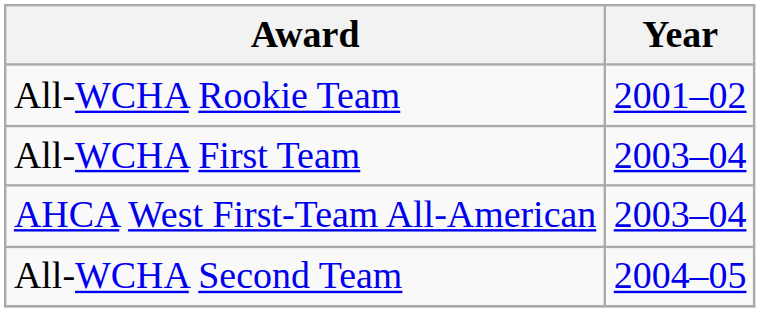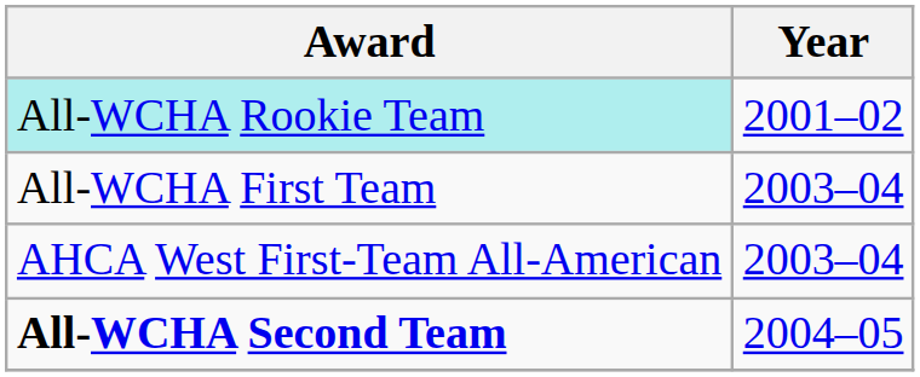 <table class="wikitable">
 <tr>
 <th>Award</th>
 <th>Year</th>
 </tr>
 <tr>
-<td>All-<a href='#'>WCHA</a> <a href='#'>Rookie Team</a></td>
+<td style="background: paleturquoise;">All-<a href='#'>WCHA</a> <a href='#'>Rookie Team</a></td>
 <td><a href='#'>2001–02</a></td>
 </tr>
 <tr>
 <td>All-<a href='#'>WCHA</a> <a href='#'>First Team</a></td>
 <td><a href='#'>2003–04</a></td>
 </tr>
 <tr>
 <td><a href='#'>AHCA</a> <a href='#'>West First-Team All-American</a></td>
 <td><a href='#'>2003–04</a></td>
 </tr>
 <tr>
-<td>All-<a href='#'>WCHA</a> <a href='#'>Second Team</a></td>
+<td><strong>All-<a href='#'>WCHA</a> <a href='#'>Second Team</a></strong></td>
 <td><a href='#'>2004–05</a></td>
 </tr>
 <tr>
 </tr>
 </table>
